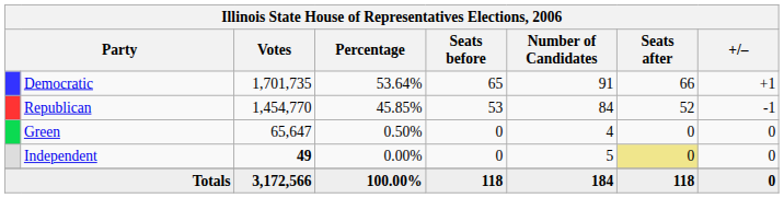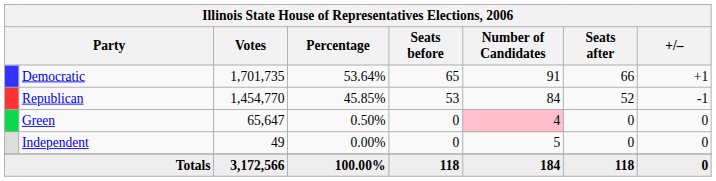 <table class="wikitable" style="font-size: 95%;">
 <tr style="background-color:#E9E9E9">
 <th colspan="8">Illinois State House of Representatives Elections, 2006</th>
 </tr>
 <tr bgcolor="#EEEEEE" align="center">
 <th colspan=2 style="width: 15em">Party</th>
 <th style="width: 5em">Votes</th>
 <th style="width: 7em">Percentage</th>
 <th style="width: 5em">Seats<br>before</th>
 <th style="width: 7em">Number of<br>Candidates</th>
 <th style="width: 5em">Seats<br>after</th>
 <th style="width: 5em">+/–</th>
 </tr>
 <tr>
 <th style="background-color:#3333FF; width: 3px"></th>
 <td style="width: 130px"><a href='#'>Democratic</a></td>
 <td align="right">1,701,735</td>
 <td align="right">53.64%</td>
 <td align="right">65</td>
 <td align="right">91</td>
 <td align="right">66</td>
 <td align="right">+1</td>
 </tr>
 <tr>
 <th style="background-color:#FF3333; width: 3px"></th>
 <td style="width: 130px"><a href='#'>Republican</a></td>
 <td align="right">1,454,770</td>
 <td align="right">45.85%</td>
 <td align="right">53</td>
 <td align="right">84</td>
 <td align="right">52</td>
 <td align="right">-1</td>
 </tr>
 <tr>
 <th style="background-color:#0BDA51; width: 3px"></th>
 <td style="width: 130px"><a href='#'>Green</a></td>
 <td align="right">65,647</td>
 <td align="right">0.50%</td>
 <td align="right">0</td>
-<td align="right">4</td>
+<td align="right" style="background: pink;">4</td>
 <td align="right">0</td>
 <td align="right">0</td>
 </tr>
 <tr>
 <th style="background-color:#DDDDDD; width: 3px"></th>
 <td style="width: 130px"><a href='#'>Independent</a></td>
-<td align="right"><strong>49</strong></td>
+<td align="right">49</td>
 <td align="right">0.00%</td>
 <td align="right">0</td>
 <td align="right">5</td>
-<td align="right" style="background: khaki;">0</td>
+<td align="right">0</td>
 <td align="right">0</td>
 </tr>
 <tr>
 </tr>
 <tr bgcolor="#EEEEEE">
 <td colspan="2" align="right"><strong>Totals</strong></td>
 <td align="right"><strong>3,172,566</strong></td>
 <td align="right"><strong>100.00%</strong></td>
 <td align="right"><strong>118</strong></td>
 <td align="right"><strong>184</strong></td>
 <td align="right"><strong>118</strong></td>
 <td align="right"><strong>0</strong></td>
 </tr>
 </table>
